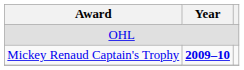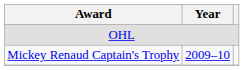 <table class="wikitable">
 <tr>
 <th>Award</th>
 <th>Year</th>
 <th></th>
 </tr>
 <tr ALIGN="center" bgcolor="#e0e0e0">
 <td colspan="3"><a href='#'>OHL</a></td>
 </tr>
 <tr>
 <td><a href='#'>Mickey Renaud Captain's Trophy</a></td>
-<td><strong><a href='#'>2009–10</a></strong></td>
+<td><a href='#'>2009–10</a></td>
 <td></td>
 </tr>
 <tr>
 </tr>
 </table>
